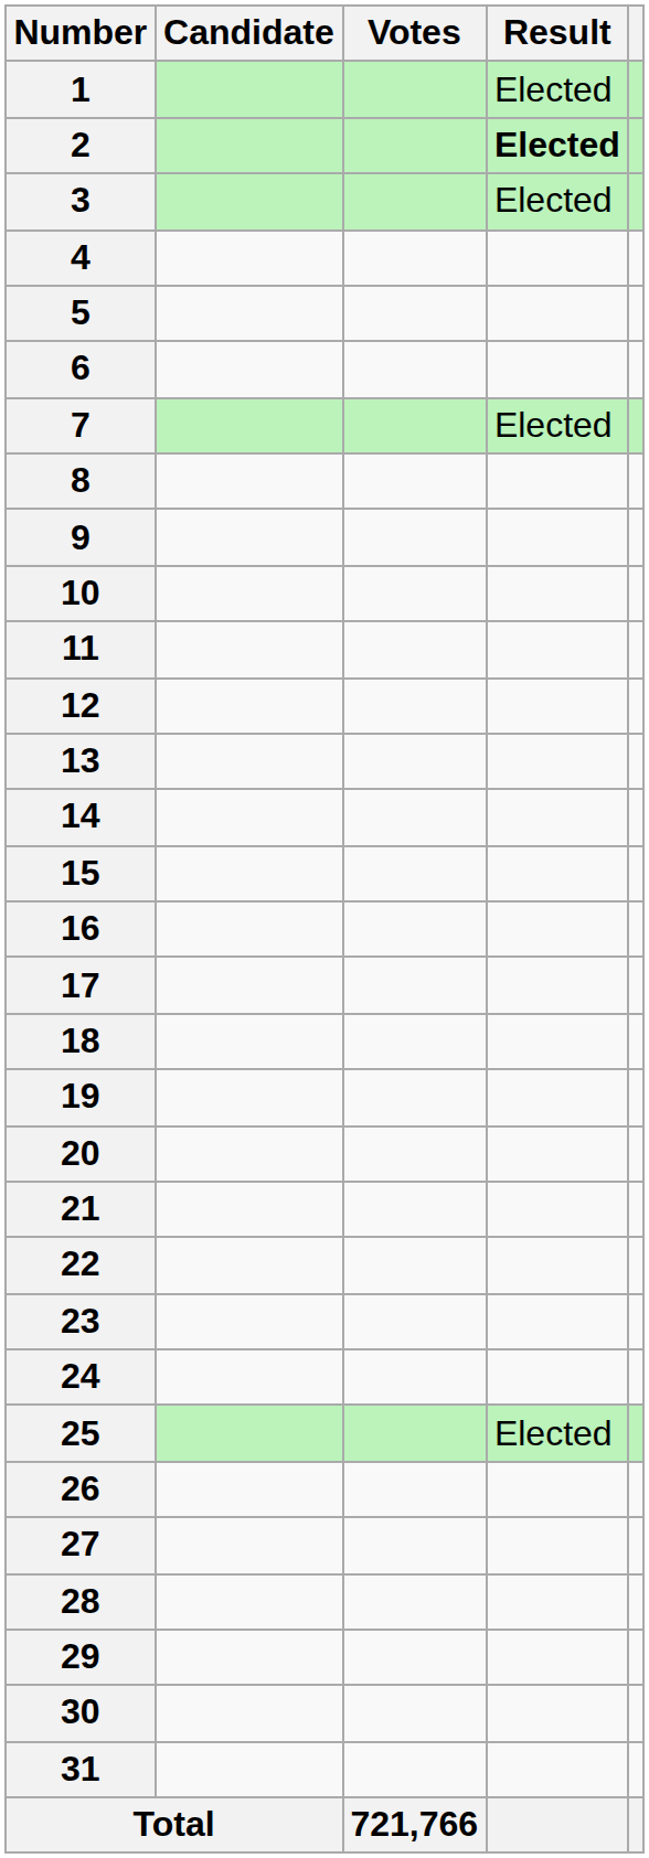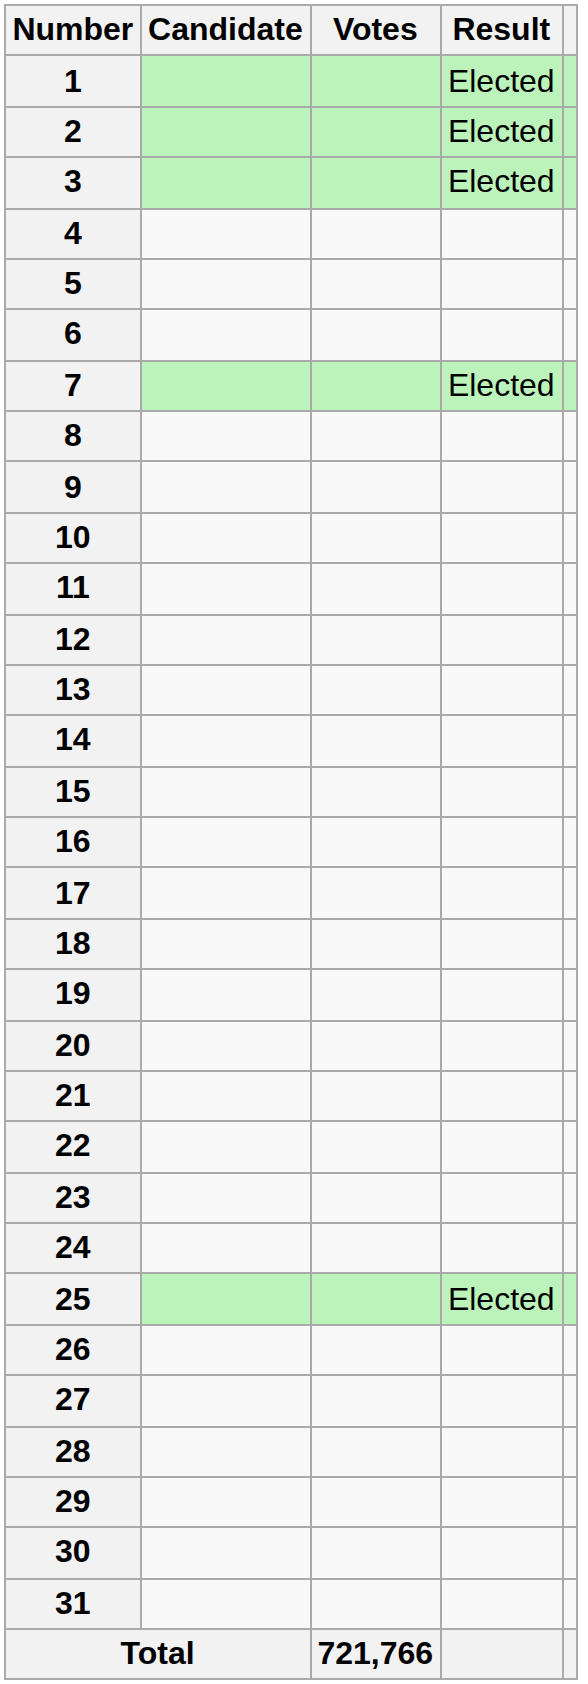 <table class="wikitable sortable">
 <tr>
 <th scope="col">Number</th>
 <th scope="col">Candidate</th>
 <th scope="col">Votes</th>
 <th scope="col">Result</th>
 <th scope="col" class="unsortable"></th>
 </tr>
 <tr bgcolor=bbf3bb>
 <th scope="row">1</th>
 <td></td>
 <td style="text-align:right"></td>
 <td>Elected</td>
 <td></td>
 </tr>
 <tr bgcolor=bbf3bb>
 <th scope="row">2</th>
 <td></td>
 <td style="text-align:right"></td>
-<td><strong>Elected</strong></td>
+<td>Elected</td>
 <td></td>
 </tr>
 <tr bgcolor=bbf3bb>
 <th scope="row">3</th>
 <td></td>
 <td style="text-align:right"></td>
 <td>Elected</td>
 <td></td>
 </tr>
 <tr>
 <th scope="row">4</th>
 <td></td>
 <td style="text-align:right"></td>
 <td></td>
 <td></td>
 </tr>
 <tr>
 <th scope="row">5</th>
 <td></td>
 <td style="text-align:right"></td>
 <td></td>
 <td></td>
 </tr>
 <tr>
 <th scope="row">6</th>
 <td></td>
 <td style="text-align:right"></td>
 <td></td>
 <td></td>
 </tr>
 <tr bgcolor=bbf3bb>
 <th scope="row">7</th>
 <td></td>
 <td style="text-align:right"></td>
 <td>Elected</td>
 <td></td>
 </tr>
 <tr>
 <th scope="row">8</th>
 <td></td>
 <td style="text-align:right"></td>
 <td></td>
 <td></td>
 </tr>
 <tr>
 <th scope="row">9</th>
 <td></td>
 <td style="text-align:right"></td>
 <td></td>
 <td></td>
 </tr>
 <tr>
 <th scope="row">10</th>
 <td></td>
 <td style="text-align:right"></td>
 <td></td>
 <td></td>
 </tr>
 <tr>
 <th scope="row">11</th>
 <td></td>
 <td style="text-align:right"></td>
 <td></td>
 <td></td>
 </tr>
 <tr>
 <th scope="row">12</th>
 <td></td>
 <td style="text-align:right"></td>
 <td></td>
 <td></td>
 </tr>
 <tr>
 <th scope="row">13</th>
 <td></td>
 <td style="text-align:right"></td>
 <td></td>
 <td></td>
 </tr>
 <tr>
 <th scope="row">14</th>
 <td></td>
 <td style="text-align:right"></td>
 <td></td>
 <td></td>
 </tr>
 <tr>
 <th scope="row">15</th>
 <td></td>
 <td style="text-align:right"></td>
 <td></td>
 <td></td>
 </tr>
 <tr>
 <th scope="row">16</th>
 <td></td>
 <td style="text-align:right"></td>
 <td></td>
 <td></td>
 </tr>
 <tr>
 <th scope="row">17</th>
 <td></td>
 <td style="text-align:right"></td>
 <td></td>
 <td></td>
 </tr>
 <tr>
 <th scope="row">18</th>
 <td></td>
 <td style="text-align:right"></td>
 <td></td>
 <td></td>
 </tr>
 <tr>
 <th scope="row">19</th>
 <td></td>
 <td style="text-align:right"></td>
 <td></td>
 <td></td>
 </tr>
 <tr>
 <th scope="row">20</th>
 <td></td>
 <td style="text-align:right"></td>
 <td></td>
 <td></td>
 </tr>
 <tr>
 <th scope="row">21</th>
 <td></td>
 <td style="text-align:right"></td>
 <td></td>
 <td></td>
 </tr>
 <tr>
 <th scope="row">22</th>
 <td></td>
 <td style="text-align:right"></td>
 <td></td>
 <td></td>
 </tr>
 <tr>
 <th scope="row">23</th>
 <td></td>
 <td style="text-align:right"></td>
 <td></td>
 <td></td>
 </tr>
 <tr>
 <th scope="row">24</th>
 <td></td>
 <td style="text-align:right"></td>
 <td></td>
 <td></td>
 </tr>
 <tr bgcolor=bbf3bb>
 <th scope="row">25</th>
 <td></td>
 <td style="text-align:right"></td>
 <td>Elected</td>
 <td></td>
 </tr>
 <tr>
 <th scope="row">26</th>
 <td></td>
 <td style="text-align:right"></td>
 <td></td>
 <td></td>
 </tr>
 <tr>
 <th scope="row">27</th>
 <td></td>
 <td style="text-align:right"></td>
 <td></td>
 <td></td>
 </tr>
 <tr>
 <th scope="row">28</th>
 <td></td>
 <td style="text-align:right"></td>
 <td></td>
 <td></td>
 </tr>
 <tr>
 <th scope="row">29</th>
 <td></td>
 <td style="text-align:right"></td>
 <td></td>
 <td></td>
 </tr>
 <tr>
 <th scope="row">30</th>
 <td></td>
 <td style="text-align:right"></td>
 <td></td>
 <td></td>
 </tr>
 <tr>
 <th scope="row">31</th>
 <td></td>
 <td style="text-align:right"></td>
 <td></td>
 <td></td>
 </tr>
 <tr class="sortbottom">
 <th scope="row" colspan="2">Total</th>
 <th style="text-align:right">721,766</th>
 <th></th>
 <th></th>
 </tr>
 </table>
